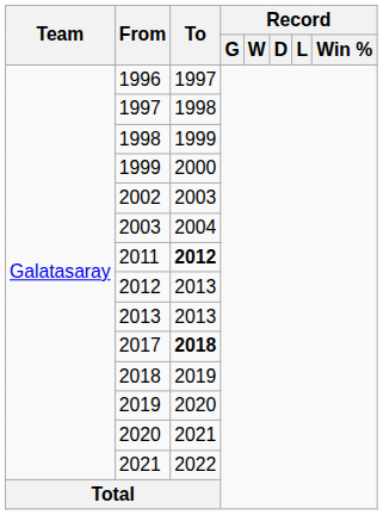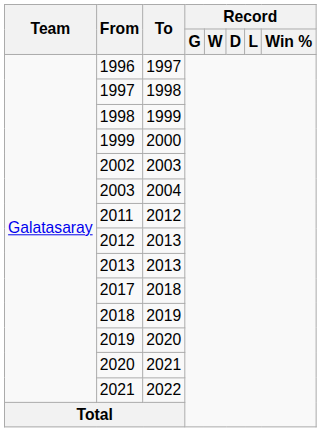 <table class="wikitable" style="text-align: center">
 <tr>
 <th rowspan="2">Team</th>
 <th rowspan="2">From</th>
 <th rowspan="2">To</th>
 <th colspan="5">Record</th>
 </tr>
 <tr>
 <th>G</th>
 <th>W</th>
 <th>D</th>
 <th>L</th>
 <th>Win %</th>
 </tr>
 <tr>
 <td rowspan="14" align=left><a href='#'>Galatasaray</a></td>
 <td align=left>1996</td>
 <td align=left>1997<br></td>
 </tr>
 <tr>
 <td align=left>1997</td>
 <td align=left>1998<br></td>
 </tr>
 <tr>
 <td align=left>1998</td>
 <td align=left>1999<br></td>
 </tr>
 <tr>
 <td align=left>1999</td>
 <td align=left>2000<br></td>
 </tr>
 <tr>
 <td align=left>2002</td>
 <td align=left>2003<br></td>
 </tr>
 <tr>
 <td align=left>2003</td>
 <td align=left>2004<br></td>
 </tr>
 <tr>
 <td align=left>2011</td>
-<td align=left><strong>2012<br></strong></td>
+<td align=left>2012<br></td>
 </tr>
 <tr>
 <td align=left>2012</td>
 <td align=left>2013<br></td>
 </tr>
 <tr>
 <td align=left>2013</td>
 <td align=left>2013<br></td>
 </tr>
 <tr>
 <td align=left>2017</td>
-<td align=left><strong>2018<br></strong></td>
+<td align=left>2018<br></td>
 </tr>
 <tr>
 <td align=left>2018</td>
 <td align=left>2019<br></td>
 </tr>
 <tr>
 <td align=left>2019</td>
 <td align=left>2020<br></td>
 </tr>
 <tr>
 <td align=left>2020</td>
 <td align=left>2021<br></td>
 </tr>
 <tr>
 <td align=left>2021</td>
 <td align=left>2022<br></td>
 </tr>
 <tr>
 <th colspan="3">Total<br></th>
 </tr>
 </table>
